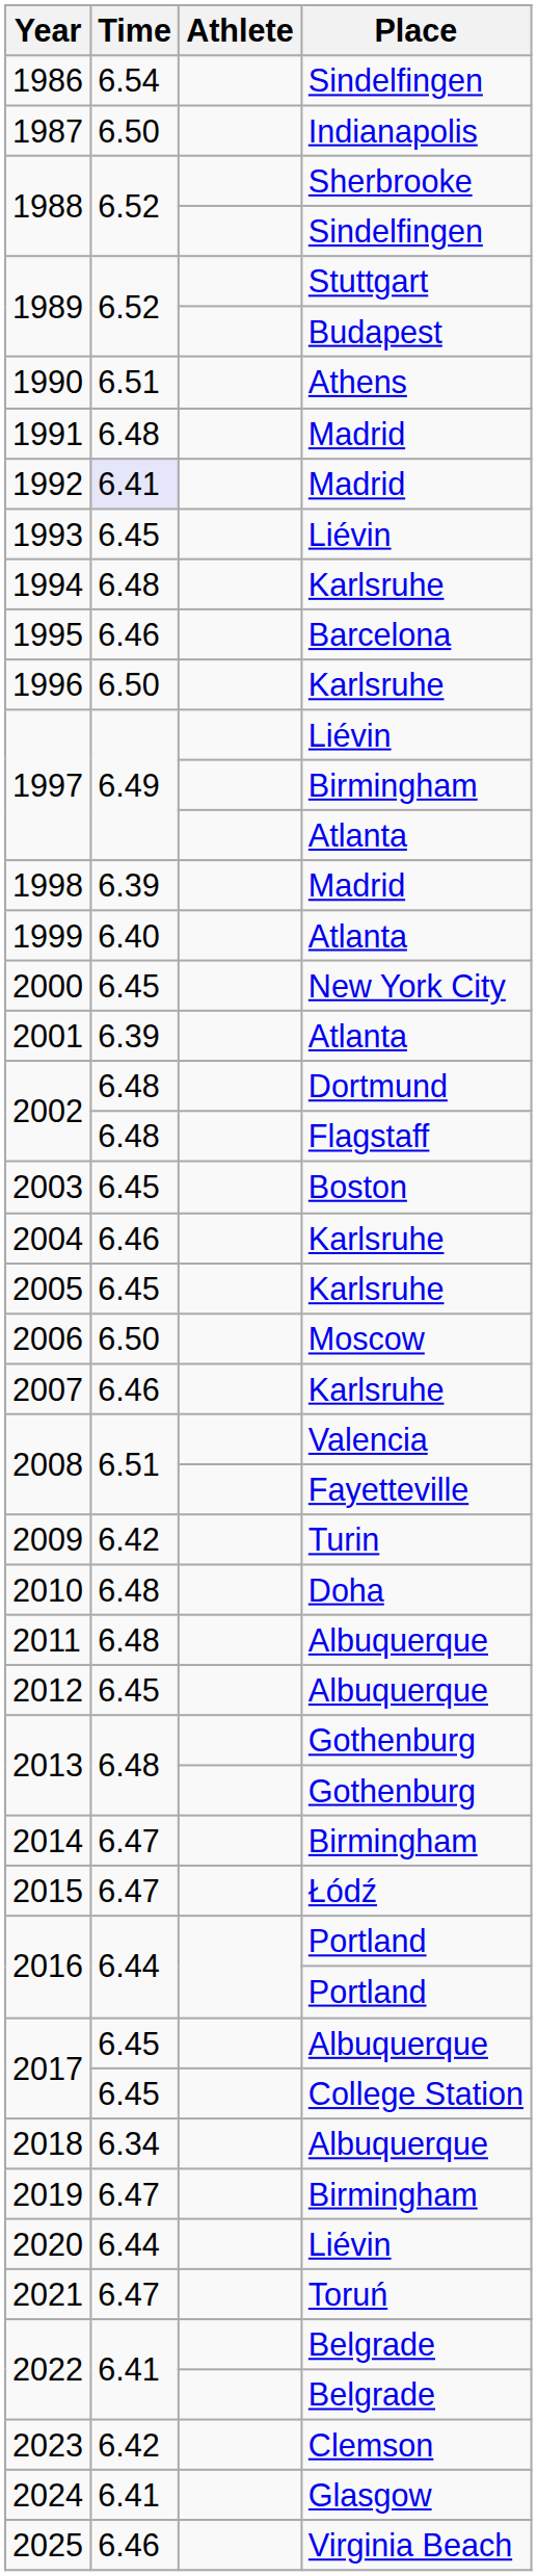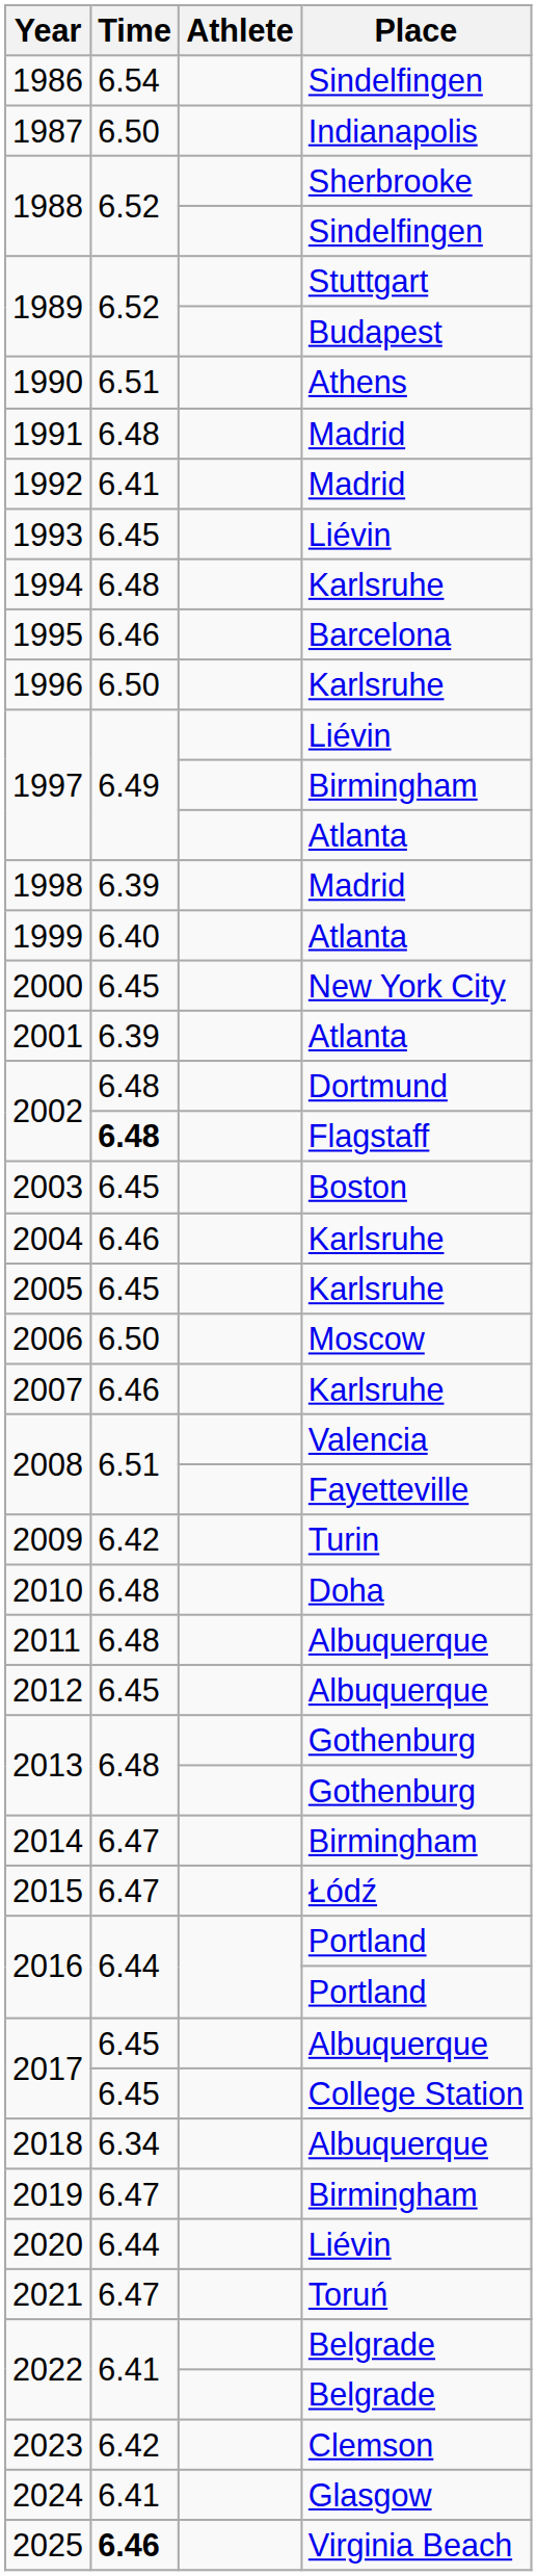 <table class="wikitable sortable" style="font-size:95%;">
 <tr>
 <th>Year</th>
 <th>Time</th>
 <th>Athlete</th>
 <th>Place</th>
 </tr>
 <tr>
 <td>1986</td>
 <td>6.54</td>
 <td align=left></td>
 <td><a href='#'>Sindelfingen</a></td>
 </tr>
 <tr>
 <td>1987</td>
 <td>6.50</td>
 <td align=left></td>
 <td><a href='#'>Indianapolis</a></td>
 </tr>
 <tr>
 <td rowspan=2>1988</td>
 <td rowspan=2>6.52</td>
 <td align=left></td>
 <td><a href='#'>Sherbrooke</a></td>
 </tr>
 <tr>
 <td align=left></td>
 <td><a href='#'>Sindelfingen</a></td>
 </tr>
 <tr>
 <td rowspan=2>1989</td>
 <td rowspan=2>6.52</td>
 <td align=left></td>
 <td><a href='#'>Stuttgart</a></td>
 </tr>
 <tr>
 <td align=left></td>
 <td><a href='#'>Budapest</a></td>
 </tr>
 <tr>
 <td>1990</td>
 <td>6.51</td>
 <td align=left></td>
 <td><a href='#'>Athens</a></td>
 </tr>
 <tr>
 <td>1991</td>
 <td>6.48</td>
 <td align=left></td>
 <td><a href='#'>Madrid</a></td>
 </tr>
 <tr>
 <td>1992</td>
-<td style="background: lavender;">6.41</td>
+<td>6.41</td>
 <td align=left></td>
 <td><a href='#'>Madrid</a></td>
 </tr>
 <tr>
 <td>1993</td>
 <td>6.45</td>
 <td align=left></td>
 <td><a href='#'>Liévin</a></td>
 </tr>
 <tr>
 <td>1994</td>
 <td>6.48</td>
 <td align=left></td>
 <td><a href='#'>Karlsruhe</a></td>
 </tr>
 <tr>
 <td>1995</td>
 <td>6.46</td>
 <td align=left></td>
 <td><a href='#'>Barcelona</a></td>
 </tr>
 <tr>
 <td>1996</td>
 <td>6.50</td>
 <td align=left></td>
 <td><a href='#'>Karlsruhe</a></td>
 </tr>
 <tr>
 <td rowspan=3>1997</td>
 <td rowspan=3>6.49</td>
 <td align=left></td>
 <td><a href='#'>Liévin</a></td>
 </tr>
 <tr>
 <td align=left></td>
 <td><a href='#'>Birmingham</a></td>
 </tr>
 <tr>
 <td align=left></td>
 <td><a href='#'>Atlanta</a></td>
 </tr>
 <tr>
 <td>1998</td>
 <td>6.39</td>
 <td align=left></td>
 <td><a href='#'>Madrid</a></td>
 </tr>
 <tr>
 <td>1999</td>
 <td>6.40</td>
 <td align=left></td>
 <td><a href='#'>Atlanta</a></td>
 </tr>
 <tr>
 <td>2000</td>
 <td>6.45</td>
 <td align=left></td>
 <td><a href='#'>New York City</a></td>
 </tr>
 <tr>
 <td>2001</td>
 <td>6.39</td>
 <td align=left></td>
 <td><a href='#'>Atlanta</a></td>
 </tr>
 <tr>
 <td rowspan=2>2002</td>
 <td>6.48</td>
 <td align=left></td>
 <td><a href='#'>Dortmund</a></td>
 </tr>
 <tr>
-<td>6.48 </td>
+<td><strong>6.48 </strong></td>
 <td align=left></td>
 <td><a href='#'>Flagstaff</a></td>
 </tr>
 <tr>
 <td>2003</td>
 <td>6.45</td>
 <td align=left></td>
 <td><a href='#'>Boston</a></td>
 </tr>
 <tr>
 <td>2004</td>
 <td>6.46</td>
 <td align=left></td>
 <td><a href='#'>Karlsruhe</a></td>
 </tr>
 <tr>
 <td>2005</td>
 <td>6.45</td>
 <td align=left></td>
 <td><a href='#'>Karlsruhe</a></td>
 </tr>
 <tr>
 <td>2006</td>
 <td>6.50</td>
 <td align=left></td>
 <td><a href='#'>Moscow</a></td>
 </tr>
 <tr>
 <td>2007</td>
 <td>6.46</td>
 <td align=left></td>
 <td><a href='#'>Karlsruhe</a></td>
 </tr>
 <tr>
 <td rowspan=2>2008</td>
 <td rowspan=2>6.51</td>
 <td align=left></td>
 <td><a href='#'>Valencia</a></td>
 </tr>
 <tr>
 <td align=left></td>
 <td><a href='#'>Fayetteville</a></td>
 </tr>
 <tr>
 <td>2009</td>
 <td>6.42</td>
 <td align=left></td>
 <td><a href='#'>Turin</a></td>
 </tr>
 <tr>
 <td>2010</td>
 <td>6.48</td>
 <td align=left></td>
 <td><a href='#'>Doha</a></td>
 </tr>
 <tr>
 <td>2011</td>
 <td>6.48 </td>
 <td align=left></td>
 <td><a href='#'>Albuquerque</a></td>
 </tr>
 <tr>
 <td>2012</td>
 <td>6.45 </td>
 <td align=left></td>
 <td><a href='#'>Albuquerque</a></td>
 </tr>
 <tr>
 <td rowspan=2>2013</td>
 <td rowspan=2>6.48</td>
 <td align=left></td>
 <td><a href='#'>Gothenburg</a></td>
 </tr>
 <tr>
 <td align=left></td>
 <td><a href='#'>Gothenburg</a></td>
 </tr>
 <tr>
 <td>2014</td>
 <td>6.47</td>
 <td align=left></td>
 <td><a href='#'>Birmingham</a></td>
 </tr>
 <tr>
 <td>2015</td>
 <td>6.47</td>
 <td align=left></td>
 <td><a href='#'>Łódź</a></td>
 </tr>
 <tr>
 <td rowspan=2>2016</td>
 <td rowspan=2>6.44</td>
 <td align=left rowspan=2></td>
 <td><a href='#'>Portland</a></td>
 </tr>
 <tr>
 <td><a href='#'>Portland</a></td>
 </tr>
 <tr>
 <td rowspan=2>2017</td>
 <td>6.45 </td>
 <td align=left></td>
 <td><a href='#'>Albuquerque</a></td>
 </tr>
 <tr>
 <td>6.45</td>
 <td align=left></td>
 <td><a href='#'>College Station</a></td>
 </tr>
 <tr>
 <td>2018</td>
 <td>6.34 </td>
 <td align=left></td>
 <td><a href='#'>Albuquerque</a></td>
 </tr>
 <tr>
 <td>2019</td>
 <td>6.47</td>
 <td align=left></td>
 <td><a href='#'>Birmingham</a></td>
 </tr>
 <tr>
 <td>2020</td>
 <td>6.44</td>
 <td align=left></td>
 <td><a href='#'>Liévin</a></td>
 </tr>
 <tr>
 <td>2021</td>
 <td>6.47</td>
 <td align=left></td>
 <td><a href='#'>Toruń</a></td>
 </tr>
 <tr>
 <td rowspan=2>2022</td>
 <td rowspan=2>6.41</td>
 <td align=left></td>
 <td><a href='#'>Belgrade</a></td>
 </tr>
 <tr>
 <td align=left></td>
 <td><a href='#'>Belgrade</a></td>
 </tr>
 <tr>
 <td>2023</td>
 <td>6.42</td>
 <td align=left></td>
 <td><a href='#'>Clemson</a></td>
 </tr>
 <tr>
 <td>2024</td>
 <td>6.41</td>
 <td align=left></td>
 <td><a href='#'>Glasgow</a></td>
 </tr>
 <tr>
 <td>2025</td>
-<td>6.46</td>
+<td><strong>6.46</strong></td>
 <td align=left></td>
 <td><a href='#'>Virginia Beach</a></td>
 </tr>
 </table>
